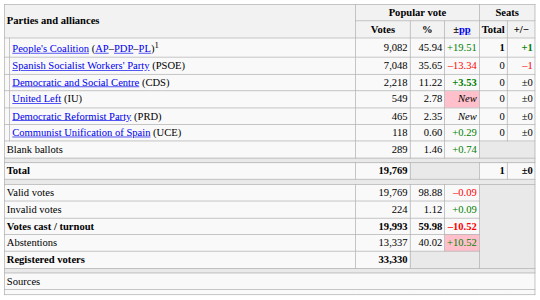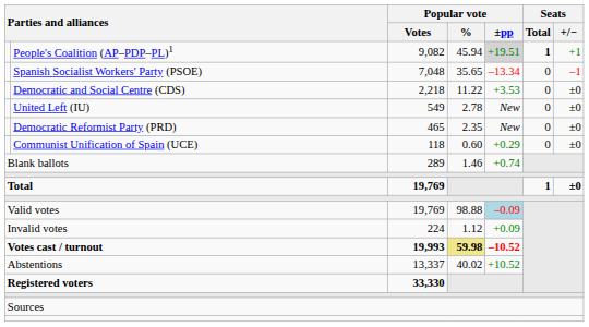 <table class="wikitable" style="text-align:right;">
 <tr>
 <th style="text-align:left;" rowspan="2" colspan="2" width="525">Parties and alliances</th>
 <th colspan="3">Popular vote</th>
 <th colspan="2">Seats</th>
 </tr>
 <tr>
 <th width="75">Votes</th>
 <th width="45">%</th>
 <th width="45">±<a href='#'>pp</a></th>
 <th width="35">Total</th>
 <th width="35">+/−</th>
 </tr>
 <tr>
 <td width="1" style="color:inherit;background:"></td>
 <td align="left"><a href='#'>People's Coalition</a> (<a href='#'>AP</a>–<a href='#'>PDP</a>–<a href='#'>PL</a>)<sup>1</sup></td>
 <td>9,082</td>
 <td>45.94</td>
-<td style="color:green;">+19.51</td>
+<td style="background: lightgrey; color:green;">+19.51</td>
 <td><strong>1</strong></td>
-<td style="color:green;"><strong>+1</strong></td>
+<td style="color:green;">+1</td>
 </tr>
 <tr>
 <td style="color:inherit;background:"></td>
 <td align="left"><a href='#'>Spanish Socialist Workers' Party</a> (PSOE)</td>
 <td>7,048</td>
 <td>35.65</td>
 <td style="color:red;">–13.34</td>
 <td>0</td>
 <td style="color:red;">–1</td>
 </tr>
 <tr>
 <td style="color:inherit;background:"></td>
 <td align="left"><a href='#'>Democratic and Social Centre</a> (CDS)</td>
 <td>2,218</td>
 <td>11.22</td>
-<td style="color:green;"><strong>+3.53</strong></td>
+<td style="color:green;">+3.53</td>
 <td>0</td>
 <td>±0</td>
 </tr>
 <tr>
 <td style="color:inherit;background:"></td>
 <td align="left"><a href='#'>United Left</a> (IU)</td>
 <td>549</td>
 <td>2.78</td>
-<td style="background: pink;"><em>New</em></td>
+<td><em>New</em></td>
 <td>0</td>
 <td>±0</td>
 </tr>
 <tr>
 <td style="color:inherit;background:"></td>
 <td align="left"><a href='#'>Democratic Reformist Party</a> (PRD)</td>
 <td>465</td>
 <td>2.35</td>
 <td><em>New</em></td>
 <td>0</td>
 <td>±0</td>
 </tr>
 <tr>
 <td style="color:inherit;background:"></td>
 <td align="left"><a href='#'>Communist Unification of Spain</a> (UCE)</td>
 <td>118</td>
 <td>0.60</td>
 <td style="color:green;">+0.29</td>
 <td>0</td>
 <td>±0</td>
 </tr>
 <tr>
 <td align="left" colspan="2">Blank ballots</td>
 <td>289</td>
 <td>1.46</td>
 <td style="color:green;">+0.74</td>
 <td bgcolor="#E9E9E9" colspan="2"></td>
 </tr>
 <tr>
 <td colspan="7" bgcolor="#E9E9E9"></td>
 </tr>
 <tr style="font-weight:bold;">
 <td align="left" colspan="2">Total</td>
 <td>19,769</td>
 <td bgcolor="#E9E9E9" colspan="2"></td>
 <td>1</td>
 <td>±0</td>
 </tr>
 <tr>
 <td colspan="7" bgcolor="#E9E9E9"></td>
 </tr>
 <tr>
 <td align="left" colspan="2">Valid votes</td>
 <td>19,769</td>
 <td>98.88</td>
-<td style="color:red;">–0.09</td>
+<td style="background: lightblue; color:red;">–0.09</td>
 <td bgcolor="#E9E9E9" colspan="2" rowspan="5"></td>
 </tr>
 <tr>
 <td align="left" colspan="2">Invalid votes</td>
 <td>224</td>
 <td>1.12</td>
 <td style="color:green;">+0.09</td>
 </tr>
 <tr style="font-weight:bold;">
 <td align="left" colspan="2">Votes cast / turnout</td>
 <td>19,993</td>
-<td>59.98</td>
+<td style="background: khaki;">59.98</td>
 <td style="color:red;">–10.52</td>
 </tr>
 <tr>
 <td align="left" colspan="2">Abstentions</td>
 <td>13,337</td>
 <td>40.02</td>
-<td style="background: pink; color:green;">+10.52</td>
+<td style="color:green;">+10.52</td>
 </tr>
 <tr style="font-weight:bold;">
 <td align="left" colspan="2">Registered voters</td>
 <td>33,330</td>
 <td bgcolor="#E9E9E9" colspan="2"></td>
 </tr>
 <tr>
 <td colspan="7" bgcolor="#E9E9E9"></td>
 </tr>
 <tr>
 <td align="left" colspan="7">Sources</td>
 </tr>
 <tr>
 <td colspan="7" style="text-align:left; max-width:790px;"></td>
 </tr>
 </table>
